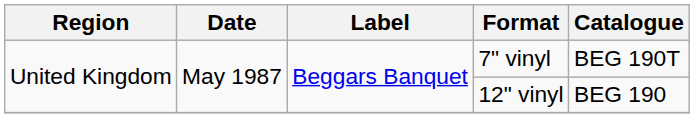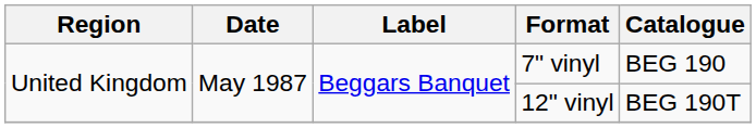 <table class="wikitable">
 <tr>
 <th>Region</th>
 <th>Date</th>
 <th>Label</th>
 <th>Format</th>
 <th>Catalogue</th>
 </tr>
 <tr>
 <td rowspan="2">United Kingdom</td>
 <td rowspan="2">May 1987</td>
 <td rowspan="2"><a href='#'>Beggars Banquet</a></td>
 <td>7" vinyl</td>
-<td>BEG 190T</td>
+<td>BEG 190</td>
 </tr>
 <tr>
 <td>12" vinyl</td>
-<td>BEG 190</td>
+<td>BEG 190T</td>
 </tr>
 <tr>
 </tr>
 </table>
